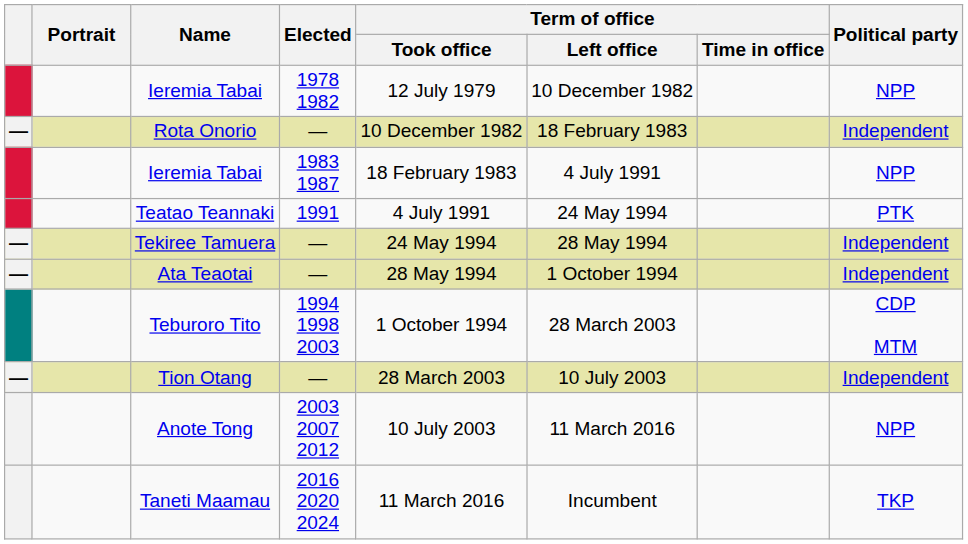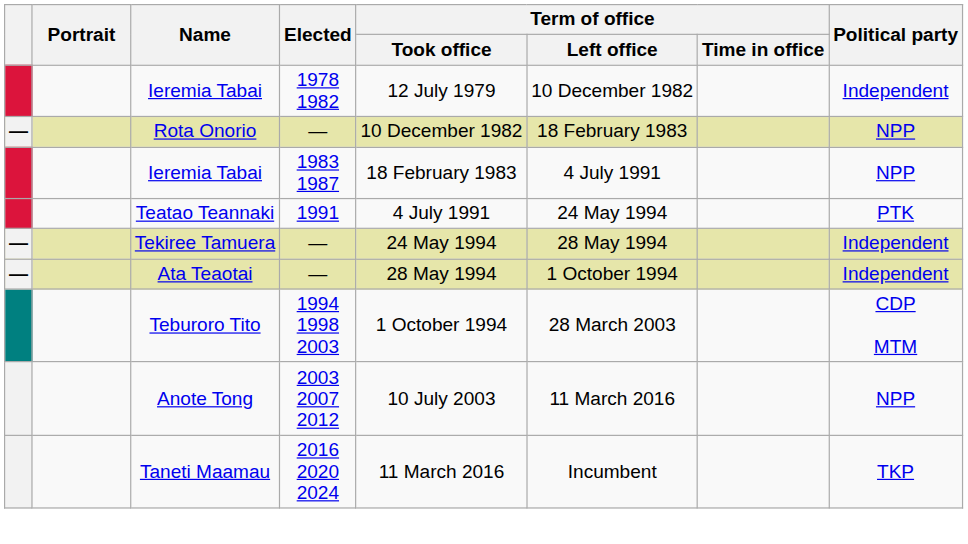 <table class="wikitable" style="text-align:center">
 <tr>
 <th rowspan="2"></th>
 <th rowspan="2" style="width:75px;">Portrait</th>
 <th rowspan="2">Name<br></th>
 <th rowspan="2">Elected</th>
 <th colspan="3">Term of office</th>
 <th rowspan="2">Political party</th>
 </tr>
 <tr>
 <th>Took office</th>
 <th>Left office</th>
 <th>Time in office</th>
 </tr>
 <tr>
 <th style="background:#DC143C;"></th>
 <td></td>
 <td><a href='#'>Ieremia Tabai</a><br></td>
 <td><a href='#'>1978</a><br><a href='#'>1982</a></td>
 <td>12 July 1979</td>
 <td>10 December 1982</td>
 <td></td>
-<td><a href='#'>NPP</a></td>
+<td><a href='#'>Independent</a></td>
 </tr>
 <tr style="background:#e6e6aa;">
 <th style="background:">—</th>
 <td></td>
 <td><a href='#'>Rota Onorio</a><br></td>
 <td>—</td>
 <td>10 December 1982</td>
 <td>18 February 1983</td>
 <td></td>
-<td><a href='#'>Independent</a></td>
+<td><a href='#'>NPP</a></td>
 </tr>
 <tr>
 <th style="background:#DC143C;"></th>
 <td></td>
 <td><a href='#'>Ieremia Tabai</a><br></td>
 <td><a href='#'>1983</a><br><a href='#'>1987</a></td>
 <td>18 February 1983</td>
 <td>4 July 1991</td>
 <td></td>
 <td><a href='#'>NPP</a></td>
 </tr>
 <tr>
 <th style="background:#DC143C;"></th>
 <td></td>
 <td><a href='#'>Teatao Teannaki</a><br></td>
 <td><a href='#'>1991</a></td>
 <td>4 July 1991</td>
 <td>24 May 1994</td>
 <td></td>
 <td><a href='#'>PTK</a></td>
 </tr>
 <tr style="background:#e6e6aa;">
 <th style="background:">—</th>
 <td></td>
 <td><a href='#'>Tekiree Tamuera</a><br></td>
 <td>—</td>
 <td>24 May 1994</td>
 <td>28 May 1994</td>
 <td></td>
 <td><a href='#'>Independent</a></td>
 </tr>
 <tr style="background:#e6e6aa;">
 <th style="background:">—</th>
 <td></td>
 <td><a href='#'>Ata Teaotai</a><br></td>
 <td>—</td>
 <td>28 May 1994</td>
 <td>1 October 1994</td>
 <td></td>
 <td><a href='#'>Independent</a></td>
 </tr>
 <tr>
 <th style="background:#008080;"></th>
 <td></td>
 <td><a href='#'>Teburoro Tito</a><br></td>
 <td><a href='#'>1994</a><br><a href='#'>1998</a><br><a href='#'>2003 </a></td>
 <td>1 October 1994</td>
 <td>28 March 2003</td>
 <td></td>
 <td><a href='#'>CDP</a><br><br><a href='#'>MTM</a></td>
 </tr>
-<tr style="background:#e6e6aa;">
-<th style="background:">—</th>
-<td></td>
-<td><a href='#'>Tion Otang</a><br></td>
-<td>—</td>
-<td>28 March 2003</td>
-<td>10 July 2003</td>
-<td></td>
-<td><a href='#'>Independent</a></td>
-</tr>
 <tr>
 <th style="background:"></th>
 <td></td>
 <td><a href='#'>Anote Tong</a><br></td>
 <td><a href='#'>2003 </a><br><a href='#'>2007</a><br><a href='#'>2012</a></td>
 <td>10 July 2003</td>
 <td>11 March 2016</td>
 <td></td>
 <td><a href='#'>NPP</a></td>
 </tr>
 <tr>
 <th style="background:"></th>
 <td></td>
 <td><a href='#'>Taneti Maamau</a><br></td>
 <td><a href='#'>2016</a><br><a href='#'>2020</a><br><a href='#'>2024</a></td>
 <td>11 March 2016</td>
 <td>Incumbent</td>
 <td></td>
 <td><a href='#'>TKP</a></td>
 </tr>
 </table>
